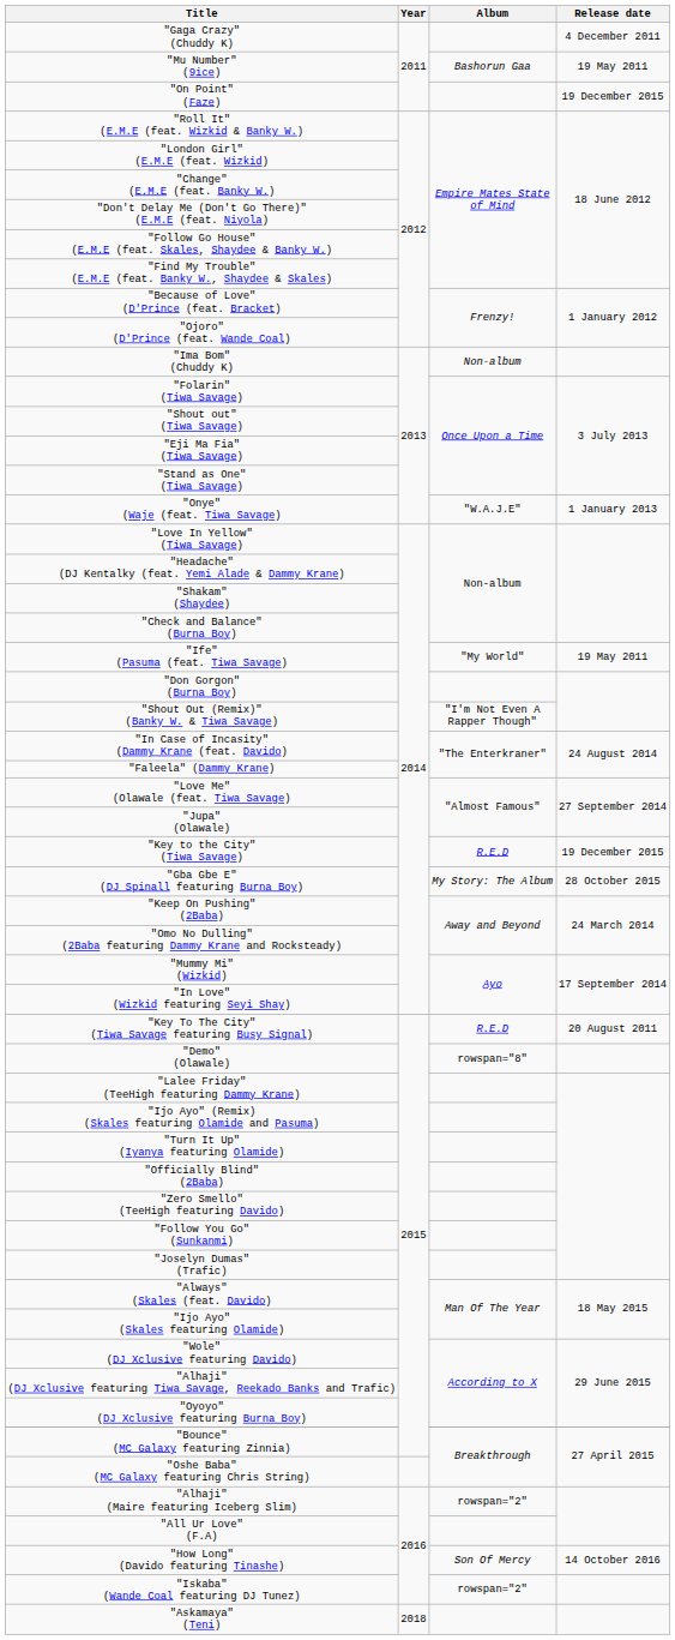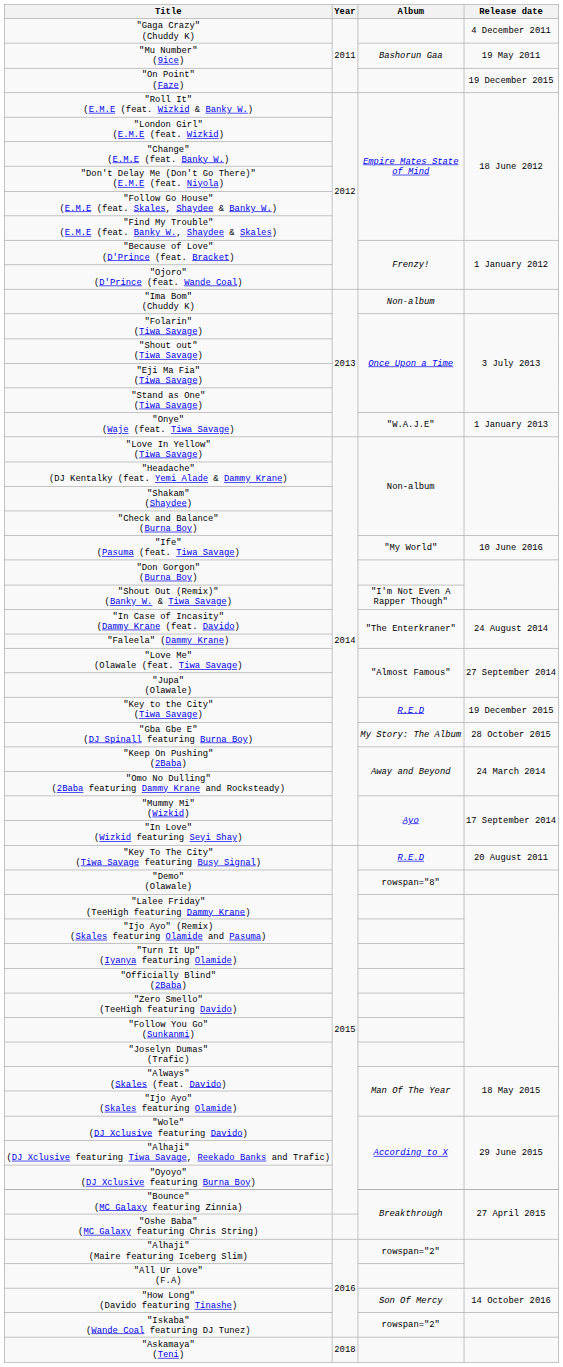 <table class="wikitable plainrowheaders" style="text-align:center;" border="1">
 <tr>
 <th>Title</th>
 <th>Year</th>
 <th width="150">Album</th>
 <th>Release date</th>
 </tr>
 <tr>
 <td>"Gaga Crazy" <br><span>(Chuddy K)</span></td>
 <td rowspan="3">2011</td>
 <td></td>
 <td>4 December 2011</td>
 </tr>
 <tr>
 <td>"Mu Number" <br><span>(<a href='#'>9ice</a>)</span></td>
 <td><em>Bashorun Gaa</em></td>
 <td>19 May 2011</td>
 </tr>
 <tr>
 <td>"On Point" <br><span>(<a href='#'>Faze</a>)</span></td>
 <td></td>
 <td>19 December 2015</td>
 </tr>
 <tr>
 <td>"Roll It" <br><span>(<a href='#'>E.M.E</a> (feat. <a href='#'>Wizkid</a> & <a href='#'>Banky W.</a>)</span></td>
 <td rowspan="8">2012</td>
 <td rowspan="6"><em><a href='#'>Empire Mates State of Mind</a></em></td>
 <td rowspan="6">18 June 2012</td>
 </tr>
 <tr>
 <td>"London Girl" <br><span>(<a href='#'>E.M.E</a> (feat. <a href='#'>Wizkid</a>)</span></td>
 </tr>
 <tr>
 <td>"Change" <br><span>(<a href='#'>E.M.E</a> (feat. <a href='#'>Banky W.</a>)</span></td>
 </tr>
 <tr>
 <td>"Don't Delay Me (Don't Go There)" <br><span>(<a href='#'>E.M.E</a> (feat. <a href='#'>Niyola</a>)</span></td>
 </tr>
 <tr>
 <td>"Follow Go House" <br><span>(<a href='#'>E.M.E</a> (feat. <a href='#'>Skales</a>, <a href='#'>Shaydee</a> & <a href='#'>Banky W.</a>)</span></td>
 </tr>
 <tr>
 <td>"Find My Trouble" <br><span>(<a href='#'>E.M.E</a> (feat. <a href='#'>Banky W.</a>, <a href='#'>Shaydee</a> & <a href='#'>Skales</a>)</span></td>
 </tr>
 <tr>
 <td>"Because of Love" <br><span>(<a href='#'>D'Prince</a> (feat. <a href='#'>Bracket</a>)</span></td>
 <td rowspan="2"><em>Frenzy!</em></td>
 <td rowspan="2">1 January 2012</td>
 </tr>
 <tr>
 <td>"Ojoro" <br><span>(<a href='#'>D'Prince</a> (feat. <a href='#'>Wande Coal</a>)</span></td>
 </tr>
 <tr>
 <td>"Ima Bom" <br><span>(Chuddy K)</span></td>
 <td rowspan="6">2013</td>
 <td><em>Non-album</em></td>
 <td></td>
 </tr>
 <tr>
 <td>"Folarin" <br><span>(<a href='#'>Tiwa Savage</a>)</span></td>
 <td rowspan="4"><em><a href='#'>Once Upon a Time</a></em></td>
 <td rowspan="4">3 July 2013</td>
 </tr>
 <tr>
 <td>"Shout out" <br><span>(<a href='#'>Tiwa Savage</a>)</span></td>
 </tr>
 <tr>
 <td>"Eji Ma Fia" <br><span>(<a href='#'>Tiwa Savage</a>)</span></td>
 </tr>
 <tr>
 <td>"Stand as One" <br><span>(<a href='#'>Tiwa Savage</a>)</span></td>
 </tr>
 <tr>
 <td>"Onye" <br><span>(<a href='#'>Waje</a> (feat. <a href='#'>Tiwa Savage</a>)</span></td>
 <td>"W.A.J.E"</td>
 <td>1 January 2013</td>
 </tr>
 <tr>
 <td>"Love In Yellow" <br><span>(<a href='#'>Tiwa Savage</a>)</span></td>
 <td rowspan="17">2014</td>
 <td rowspan="4">Non-album</td>
 <td rowspan="4"></td>
 </tr>
 <tr>
 <td>"Headache" <br><span>(DJ Kentalky (feat. <a href='#'>Yemi Alade</a> & <a href='#'>Dammy Krane</a>)</span></td>
 </tr>
 <tr>
 <td>"Shakam" <br><span>(<a href='#'>Shaydee</a>)</span></td>
 </tr>
 <tr>
 <td>"Check and Balance" <br><span>(<a href='#'>Burna Boy</a>)</span></td>
 </tr>
 <tr>
 <td>"Ife" <br><span>(<a href='#'>Pasuma</a> (feat. <a href='#'>Tiwa Savage</a>)</span></td>
 <td>"My World"</td>
-<td>19 May 2011</td>
+<td>10 June 2016</td>
 </tr>
 <tr>
 <td>"Don Gorgon" <br><span>(<a href='#'>Burna Boy</a>)</span></td>
 <td></td>
 <td rowspan="2"></td>
 </tr>
 <tr>
 <td>"Shout Out (Remix)" <br><span>(<a href='#'>Banky W.</a> & <a href='#'>Tiwa Savage</a>)</span></td>
 <td>"I'm Not Even A Rapper Though"</td>
 </tr>
 <tr>
 <td>"In Case of Incasity" <br><span>(<a href='#'>Dammy Krane</a> (feat. <a href='#'>Davido</a>)</span></td>
 <td rowspan="2">"The Enterkraner"</td>
 <td rowspan="2">24 August 2014</td>
 </tr>
 <tr>
 <td>"Faleela" (<a href='#'>Dammy Krane</a>)</td>
 </tr>
 <tr>
 <td>"Love Me" <br><span>(Olawale (feat. <a href='#'>Tiwa Savage</a>)</span></td>
 <td rowspan="2">"Almost Famous"</td>
 <td rowspan="2">27 September 2014</td>
 </tr>
 <tr>
 <td>"Jupa" <br><span>(Olawale)</span></td>
 </tr>
 <tr>
 <td>"Key to the City" <br><span>(<a href='#'>Tiwa Savage</a>)</span></td>
 <td><em><a href='#'>R.E.D</a></em></td>
 <td>19 December 2015</td>
 </tr>
 <tr>
 <td>"Gba Gbe E" <br><span>(<a href='#'>DJ Spinall</a> featuring <a href='#'>Burna Boy</a>)</span></td>
 <td><em>My Story: The Album</em></td>
 <td>28 October 2015</td>
 </tr>
 <tr>
 <td>"Keep On Pushing" <br><span>(<a href='#'>2Baba</a>)</span></td>
 <td rowspan="2"><em>Away and Beyond</em></td>
 <td rowspan="2">24 March 2014</td>
 </tr>
 <tr>
 <td>"Omo No Dulling" <br><span>(<a href='#'>2Baba</a> featuring <a href='#'>Dammy Krane</a> and Rocksteady)</span></td>
 </tr>
 <tr>
 <td>"Mummy Mi" <br><span>(<a href='#'>Wizkid</a>)</span></td>
 <td rowspan="2"><em><a href='#'>Ayo</a></em></td>
 <td rowspan="2">17 September 2014</td>
 </tr>
 <tr>
 <td>"In Love" <br><span>(<a href='#'>Wizkid</a> featuring <a href='#'>Seyi Shay</a>)</span></td>
 </tr>
 <tr>
 <td>"Key To The City" <br><span>(<a href='#'>Tiwa Savage</a> featuring <a href='#'>Busy Signal</a>)</span></td>
 <td rowspan="16">2015</td>
 <td><em><a href='#'>R.E.D</a></em></td>
 <td>20 August 2011</td>
 </tr>
 <tr>
 <td>"Demo" <br><span>(Olawale)</span></td>
 <td>rowspan="8" </td>
 <td></td>
 </tr>
 <tr>
 <td>"Lalee Friday" <br><span>(TeeHigh featuring <a href='#'>Dammy Krane</a>)</span></td>
 <td></td>
 </tr>
 <tr>
 <td>"Ijo Ayo" (Remix) <br><span>(<a href='#'>Skales</a> featuring <a href='#'>Olamide</a> and <a href='#'>Pasuma</a>)</span></td>
 <td></td>
 </tr>
 <tr>
 <td>"Turn It Up" <br><span>(<a href='#'>Iyanya</a> featuring <a href='#'>Olamide</a>)</span></td>
 <td></td>
 </tr>
 <tr>
 <td>"Officially Blind" <br><span>(<a href='#'>2Baba</a>)</span></td>
 <td></td>
 </tr>
 <tr>
 <td>"Zero Smello" <br><span>(TeeHigh featuring <a href='#'>Davido</a>)</span></td>
 <td></td>
 </tr>
 <tr>
 <td>"Follow You Go" <br><span>(<a href='#'>Sunkanmi</a>)</span></td>
 <td></td>
 </tr>
 <tr>
 <td>"Joselyn Dumas" <br><span>(Trafic)</span></td>
 <td></td>
 </tr>
 <tr>
 <td>"Always" <br><span>(<a href='#'>Skales</a> (feat. <a href='#'>Davido</a>)</span></td>
 <td rowspan="2"><em>Man Of The Year</em></td>
 <td rowspan="2">18 May 2015</td>
 </tr>
 <tr>
 <td>"Ijo Ayo" <br><span>(<a href='#'>Skales</a> featuring <a href='#'>Olamide</a>)</span></td>
 </tr>
 <tr>
 <td>"Wole" <br><span>(<a href='#'>DJ Xclusive</a> featuring <a href='#'>Davido</a>)</span></td>
 <td rowspan="3"><em><a href='#'>According to X</a></em></td>
 <td rowspan="3">29 June 2015</td>
 </tr>
 <tr>
 <td>"Alhaji" <br><span>(<a href='#'>DJ Xclusive</a> featuring <a href='#'>Tiwa Savage</a>, <a href='#'>Reekado Banks</a> and Trafic)</span></td>
 </tr>
 <tr>
 <td>"Oyoyo" <br><span>(<a href='#'>DJ Xclusive</a> featuring <a href='#'>Burna Boy</a>)</span></td>
 </tr>
 <tr>
 </tr>
 <tr>
 <td>"Bounce" <br><span>(<a href='#'>MC Galaxy</a> featuring Zinnia)</span></td>
 <td rowspan="2"><em>Breakthrough</em></td>
 <td rowspan="2">27 April 2015</td>
 </tr>
 <tr>
 <td>"Oshe Baba" <br><span>(<a href='#'>MC Galaxy</a> featuring Chris String)</span></td>
 </tr>
 <tr>
 <td>"Alhaji" <br><span>(Maire featuring Iceberg Slim)</span></td>
 <td rowspan="4">2016</td>
 <td>rowspan="2" </td>
 <td rowspan="2"></td>
 </tr>
 <tr>
 <td>"All Ur Love" <br><span>(F.A)</span></td>
 </tr>
 <tr>
 <td>"How Long" <br><span>(Davido featuring <a href='#'>Tinashe</a>)</span></td>
 <td><em>Son Of Mercy</em></td>
 <td>14 October 2016</td>
 </tr>
 <tr>
 <td>"Iskaba" <br><span>(<a href='#'>Wande Coal</a> featuring DJ Tunez)</span></td>
 <td>rowspan="2" </td>
 <td></td>
 </tr>
 <tr>
 <td>"Askamaya" <br><span>(<a href='#'>Teni</a>)</span></td>
 <td>2018</td>
 <td></td>
 </tr>
 </table>
